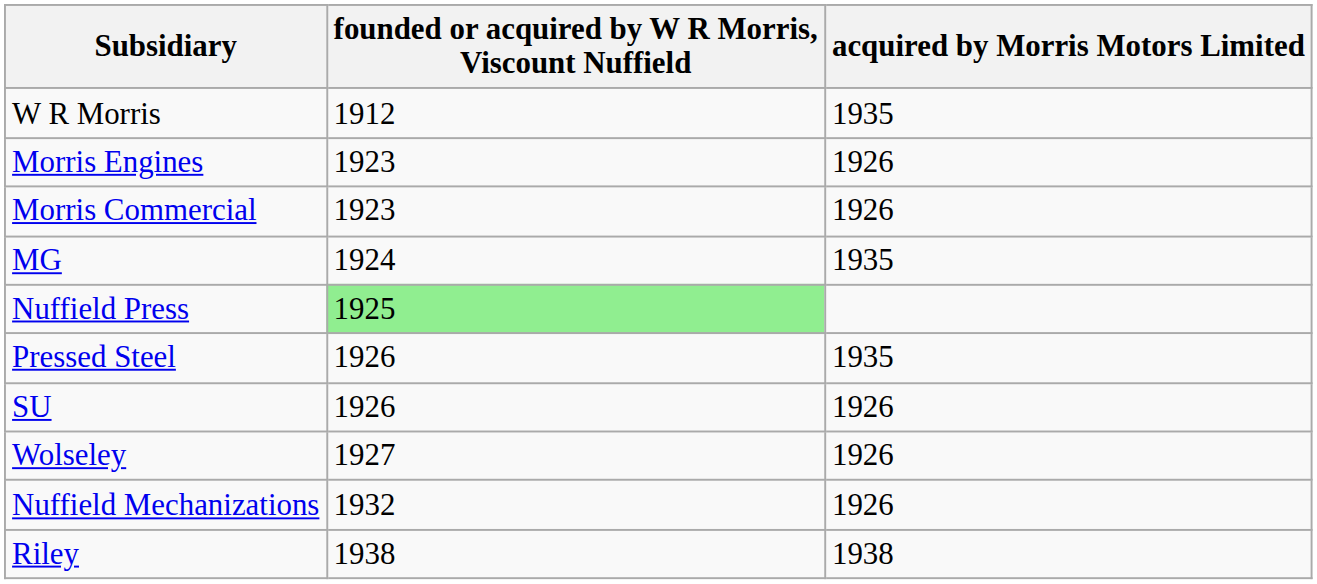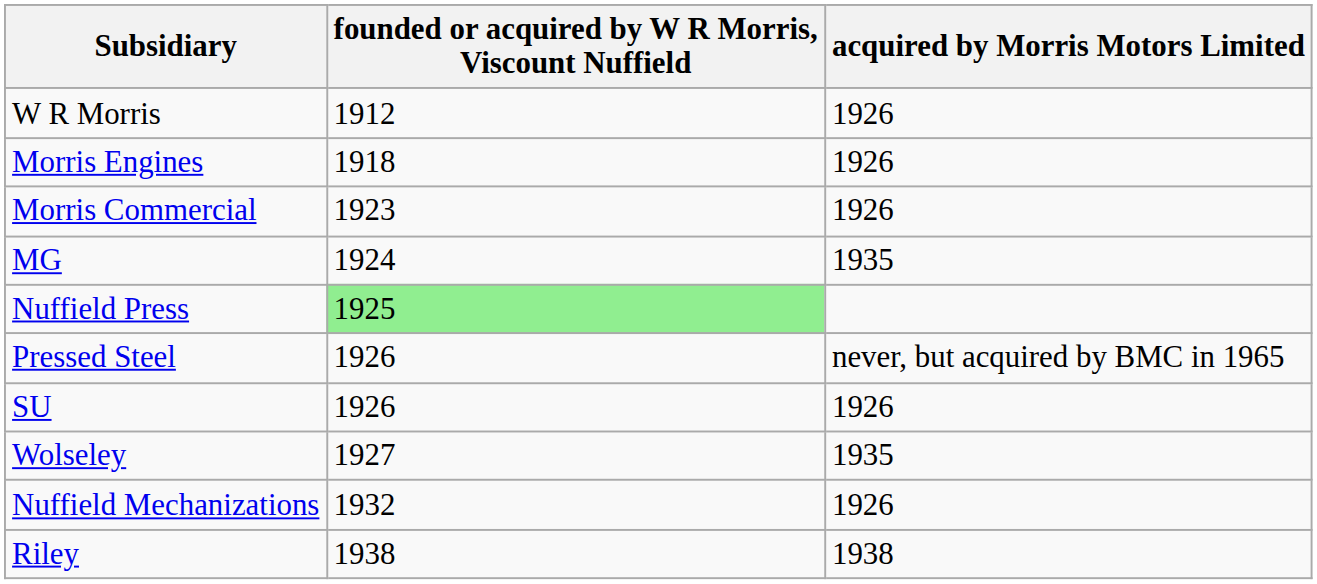 <table class="wikitable">
 <tr>
 <th>Subsidiary</th>
 <th>founded or acquired by W R Morris, <br>Viscount Nuffield</th>
 <th>acquired by Morris Motors Limited</th>
 </tr>
 <tr>
 <td style="text-align:left;">W R Morris</td>
 <td>1912</td>
-<td>1935</td>
+<td>1926</td>
 </tr>
 <tr>
 <td style="text-align:left;"><a href='#'>Morris Engines</a></td>
-<td>1923</td>
+<td>1918</td>
 <td>1926</td>
 </tr>
 <tr>
 <td style="text-align:left;"><a href='#'>Morris Commercial</a></td>
 <td>1923</td>
 <td>1926</td>
 </tr>
 <tr>
 <td style="text-align:left;"><a href='#'>MG</a></td>
 <td>1924</td>
 <td>1935</td>
 </tr>
 <tr>
 <td style="text-align:left;"><a href='#'>Nuffield Press</a></td>
 <td style="background: lightgreen;">1925</td>
 <td></td>
 </tr>
 <tr>
 <td style="text-align:left;"><a href='#'>Pressed Steel</a></td>
 <td>1926</td>
-<td>1935</td>
+<td>never, but acquired by BMC in 1965</td>
 </tr>
 <tr>
 <td style="text-align:left;"><a href='#'>SU</a></td>
 <td>1926</td>
 <td>1926</td>
 </tr>
 <tr>
 <td style="text-align:left;"><a href='#'>Wolseley</a></td>
 <td>1927</td>
-<td>1926</td>
+<td>1935</td>
 </tr>
 <tr>
 <td style="text-align:left;"><a href='#'>Nuffield Mechanizations</a></td>
 <td>1932</td>
 <td>1926</td>
 </tr>
 <tr>
 <td style="text-align:left;"><a href='#'>Riley</a></td>
 <td>1938</td>
 <td>1938</td>
 </tr>
 </table>
